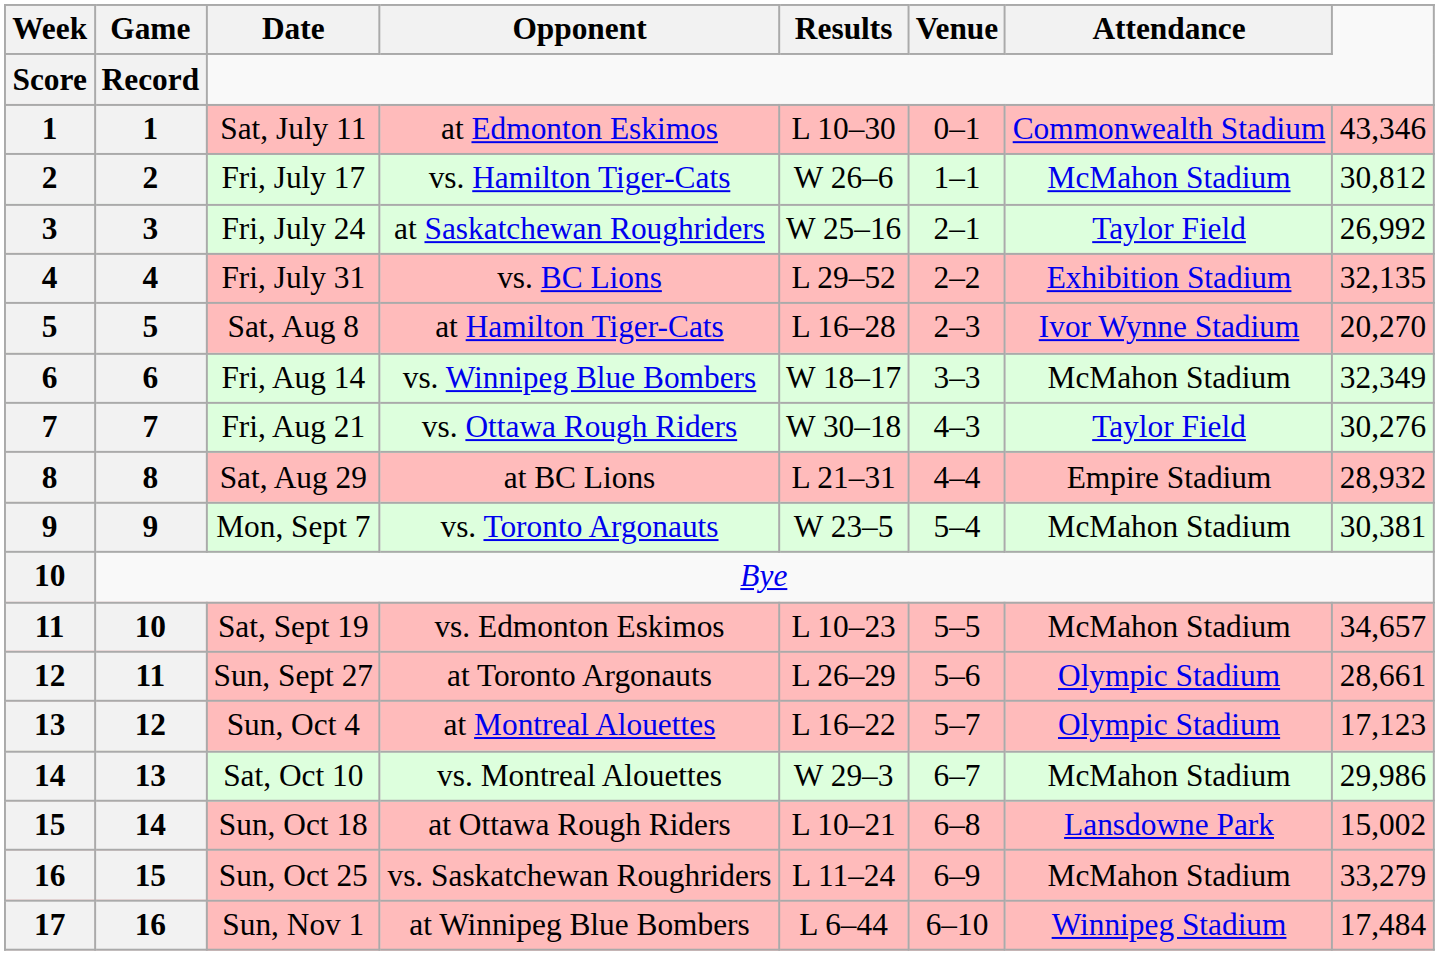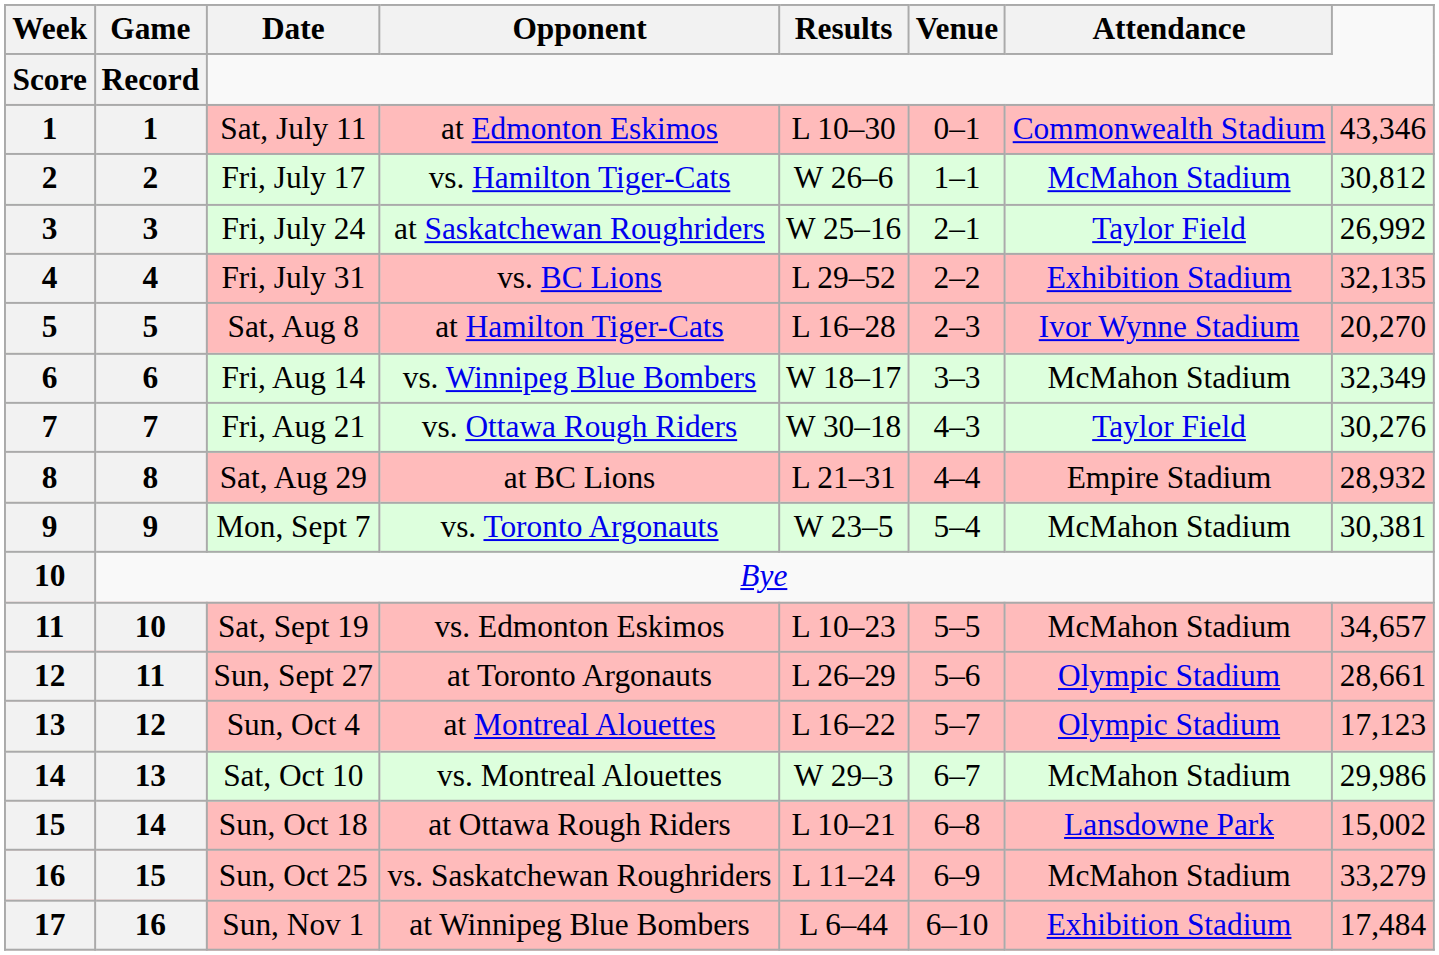 <table class="wikitable" style="text-align:center">
 <tr>
 <th>Week</th>
 <th>Game</th>
 <th>Date</th>
 <th>Opponent</th>
 <th>Results</th>
 <th>Venue</th>
 <th>Attendance</th>
 </tr>
 <tr>
 <th>Score</th>
 <th>Record</th>
 </tr>
 <tr style="background:#ffbbbb">
 <th>1</th>
 <th>1</th>
 <td>Sat, July 11</td>
 <td>at <a href='#'>Edmonton Eskimos</a></td>
 <td>L 10–30</td>
 <td>0–1</td>
 <td><a href='#'>Commonwealth Stadium</a></td>
 <td>43,346</td>
 </tr>
 <tr style="background:#ddffdd">
 <th>2</th>
 <th>2</th>
 <td>Fri, July 17</td>
 <td>vs. <a href='#'>Hamilton Tiger-Cats</a></td>
 <td>W 26–6</td>
 <td>1–1</td>
 <td><a href='#'>McMahon Stadium</a></td>
 <td>30,812</td>
 </tr>
 <tr style="background:#ddffdd">
 <th>3</th>
 <th>3</th>
 <td>Fri, July 24</td>
 <td>at <a href='#'>Saskatchewan Roughriders</a></td>
 <td>W 25–16</td>
 <td>2–1</td>
 <td><a href='#'>Taylor Field</a></td>
 <td>26,992</td>
 </tr>
 <tr style="background:#ffbbbb">
 <th>4</th>
 <th>4</th>
 <td>Fri, July 31</td>
 <td>vs. <a href='#'>BC Lions</a></td>
 <td>L 29–52</td>
 <td>2–2</td>
 <td><a href='#'>Exhibition Stadium</a></td>
 <td>32,135</td>
 </tr>
 <tr style="background:#ffbbbb">
 <th>5</th>
 <th>5</th>
 <td>Sat, Aug 8</td>
 <td>at <a href='#'>Hamilton Tiger-Cats</a></td>
 <td>L 16–28</td>
 <td>2–3</td>
 <td><a href='#'>Ivor Wynne Stadium</a></td>
 <td>20,270</td>
 </tr>
 <tr style="background:#ddffdd">
 <th>6</th>
 <th>6</th>
 <td>Fri, Aug 14</td>
 <td>vs. <a href='#'>Winnipeg Blue Bombers</a></td>
 <td>W 18–17</td>
 <td>3–3</td>
 <td>McMahon Stadium</td>
 <td>32,349</td>
 </tr>
 <tr style="background:#ddffdd">
 <th>7</th>
 <th>7</th>
 <td>Fri, Aug 21</td>
 <td>vs. <a href='#'>Ottawa Rough Riders</a></td>
 <td>W 30–18</td>
 <td>4–3</td>
 <td><a href='#'>Taylor Field</a></td>
 <td>30,276</td>
 </tr>
 <tr style="background:#ffbbbb">
 <th>8</th>
 <th>8</th>
 <td>Sat, Aug 29</td>
 <td>at BC Lions</td>
 <td>L 21–31</td>
 <td>4–4</td>
 <td>Empire Stadium</td>
 <td>28,932</td>
 </tr>
 <tr style="background:#ddffdd">
 <th>9</th>
 <th>9</th>
 <td>Mon, Sept 7</td>
 <td>vs. <a href='#'>Toronto Argonauts</a></td>
 <td>W 23–5</td>
 <td>5–4</td>
 <td>McMahon Stadium</td>
 <td>30,381</td>
 </tr>
 <tr>
 <th>10</th>
 <td colspan="7"><em><a href='#'>Bye</a></em></td>
 </tr>
 <tr style="background:#ffbbbb">
 <th>11</th>
 <th>10</th>
 <td>Sat, Sept 19</td>
 <td>vs. Edmonton Eskimos</td>
 <td>L 10–23</td>
 <td>5–5</td>
 <td>McMahon Stadium</td>
 <td>34,657</td>
 </tr>
 <tr style="background:#ffbbbb">
 <th>12</th>
 <th>11</th>
 <td>Sun, Sept 27</td>
 <td>at Toronto Argonauts</td>
 <td>L 26–29</td>
 <td>5–6</td>
 <td><a href='#'>Olympic Stadium</a></td>
 <td>28,661</td>
 </tr>
 <tr style="background:#ffbbbb">
 <th>13</th>
 <th>12</th>
 <td>Sun, Oct 4</td>
 <td>at <a href='#'>Montreal Alouettes</a></td>
 <td>L 16–22</td>
 <td>5–7</td>
 <td><a href='#'>Olympic Stadium</a></td>
 <td>17,123</td>
 </tr>
 <tr style="background:#ddffdd">
 <th>14</th>
 <th>13</th>
 <td>Sat, Oct 10</td>
 <td>vs. Montreal Alouettes</td>
 <td>W 29–3</td>
 <td>6–7</td>
 <td>McMahon Stadium</td>
 <td>29,986</td>
 </tr>
 <tr style="background:#ffbbbb">
 <th>15</th>
 <th>14</th>
 <td>Sun, Oct 18</td>
 <td>at Ottawa Rough Riders</td>
 <td>L 10–21</td>
 <td>6–8</td>
 <td><a href='#'>Lansdowne Park</a></td>
 <td>15,002</td>
 </tr>
 <tr style="background:#ffbbbb">
 <th>16</th>
 <th>15</th>
 <td>Sun, Oct 25</td>
 <td>vs. Saskatchewan Roughriders</td>
 <td>L 11–24</td>
 <td>6–9</td>
 <td>McMahon Stadium</td>
 <td>33,279</td>
 </tr>
 <tr style="background:#ffbbbb">
 <th>17</th>
 <th>16</th>
 <td>Sun, Nov 1</td>
 <td>at Winnipeg Blue Bombers</td>
 <td>L 6–44</td>
 <td>6–10</td>
-<td><a href='#'>Winnipeg Stadium</a></td>
+<td><a href='#'>Exhibition Stadium</a></td>
 <td>17,484</td>
 </tr>
 </table>
